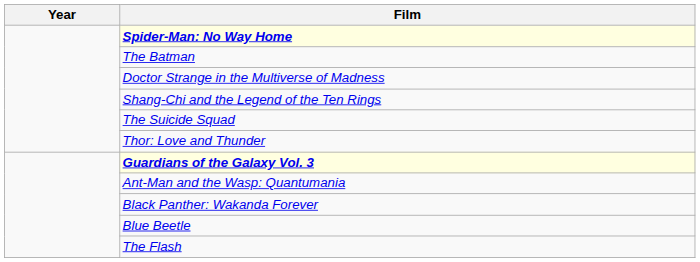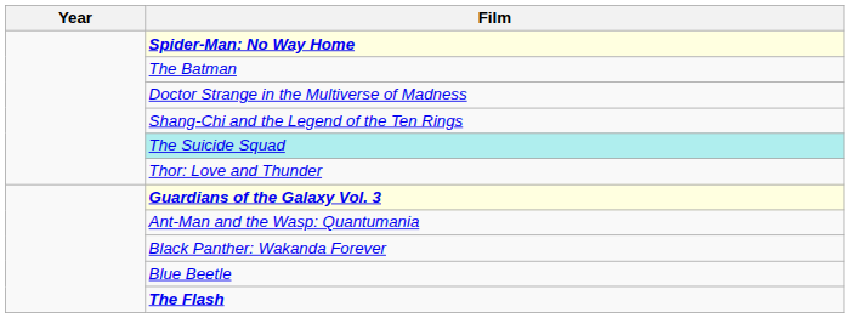 <table class="wikitable" border="1" width="42%">
 <tr>
 <th width=7%>Year</th>
 <th width=35%>Film</th>
 </tr>
 <tr>
 <td rowspan=6></td>
 <td style="background:lightyellow"><strong><em><a href='#'>Spider-Man: No Way Home</a></em></strong></td>
 </tr>
 <tr>
 <td><em><a href='#'>The Batman</a></em></td>
 </tr>
 <tr>
 <td><em><a href='#'>Doctor Strange in the Multiverse of Madness</a></em></td>
 </tr>
 <tr>
 <td><em><a href='#'>Shang-Chi and the Legend of the Ten Rings</a></em></td>
 </tr>
 <tr>
-<td><em><a href='#'>The Suicide Squad</a></em></td>
+<td style="background: paleturquoise;"><em><a href='#'>The Suicide Squad</a></em></td>
 </tr>
 <tr>
 <td><em><a href='#'>Thor: Love and Thunder</a></em></td>
 </tr>
 <tr>
 <td rowspan=6></td>
 <td style="background:lightyellow"><strong><em><a href='#'>Guardians of the Galaxy Vol. 3</a></em></strong></td>
 </tr>
 <tr>
 <td><em><a href='#'>Ant-Man and the Wasp: Quantumania</a></em></td>
 </tr>
 <tr>
 <td><em><a href='#'>Black Panther: Wakanda Forever</a></em></td>
 </tr>
 <tr>
 <td><em><a href='#'>Blue Beetle</a></em></td>
 </tr>
 <tr>
-<td><em><a href='#'>The Flash</a></em></td>
+<td><strong><em><a href='#'>The Flash</a></em></strong></td>
 </tr>
 </table>
